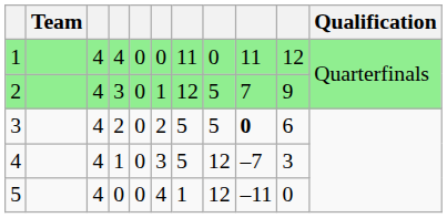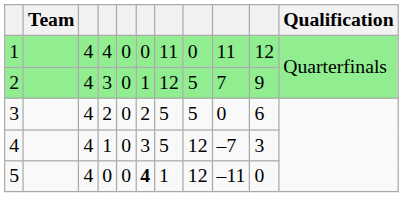 <table class="wikitable">
 <tr>
 <th></th>
 <th>Team</th>
 <th></th>
 <th></th>
 <th></th>
 <th></th>
 <th></th>
 <th></th>
 <th></th>
 <th></th>
 <th>Qualification</th>
 </tr>
 <tr bgcolor=lightgreen>
 <td>1</td>
 <td></td>
 <td>4</td>
 <td>4</td>
 <td>0</td>
 <td>0</td>
 <td>11</td>
 <td>0</td>
 <td>11</td>
 <td>12</td>
 <td rowspan=2>Quarterfinals</td>
 </tr>
 <tr bgcolor=lightgreen>
 <td>2</td>
 <td></td>
 <td>4</td>
 <td>3</td>
 <td>0</td>
 <td>1</td>
 <td>12</td>
 <td>5</td>
 <td>7</td>
 <td>9</td>
 </tr>
 <tr>
 <td>3</td>
 <td></td>
 <td>4</td>
 <td>2</td>
 <td>0</td>
 <td>2</td>
 <td>5</td>
 <td>5</td>
-<td><strong>0</strong></td>
+<td>0</td>
 <td>6</td>
 </tr>
 <tr>
 <td>4</td>
 <td></td>
 <td>4</td>
 <td>1</td>
 <td>0</td>
 <td>3</td>
 <td>5</td>
 <td>12</td>
 <td>–7</td>
 <td>3</td>
 </tr>
 <tr>
 <td>5</td>
 <td></td>
 <td>4</td>
 <td>0</td>
 <td>0</td>
-<td>4</td>
+<td><strong>4</strong></td>
 <td>1</td>
 <td>12</td>
 <td>–11</td>
 <td>0</td>
 </tr>
 </table>
